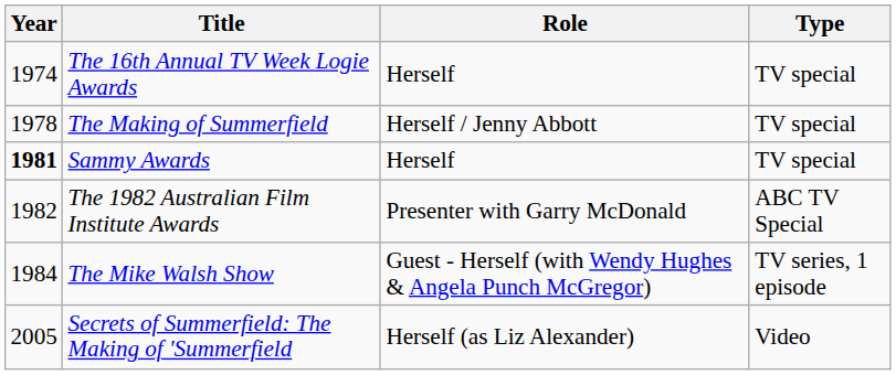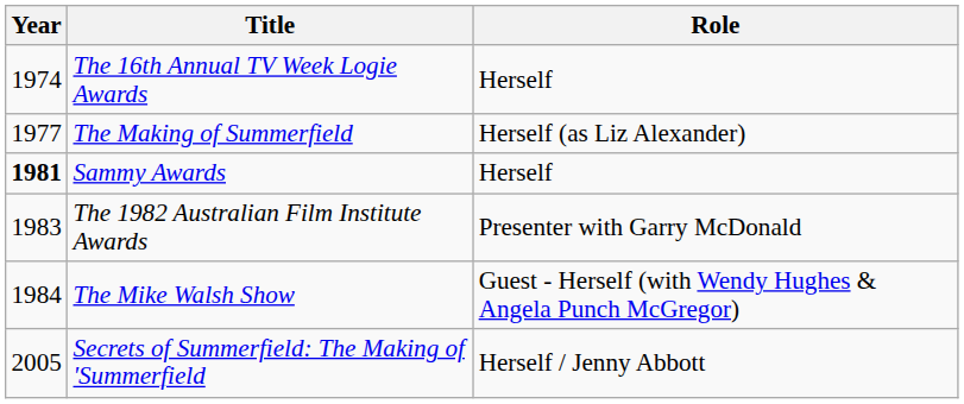 <table class="wikitable">
 <tr>
 <th>Year</th>
 <th>Title</th>
 <th>Role</th>
-<th>Type</th>
 </tr>
 <tr>
 <td>1974</td>
 <td><em><a href='#'>The 16th Annual TV Week Logie Awards</a></em></td>
 <td>Herself</td>
-<td>TV special</td>
 </tr>
 <tr>
-<td>1978</td>
+<td>1977</td>
 <td><em><a href='#'>The Making of Summerfield</a></em></td>
-<td>Herself / Jenny Abbott</td>
-<td>TV special</td>
+<td>Herself (as Liz Alexander)</td>
 </tr>
 <tr>
 <td><strong>1981</strong></td>
 <td><em><a href='#'>Sammy Awards</a></em></td>
 <td>Herself</td>
-<td>TV special</td>
 </tr>
 <tr>
-<td>1982</td>
+<td>1983</td>
 <td><em>The 1982 Australian Film Institute Awards</em></td>
 <td>Presenter with Garry McDonald</td>
-<td>ABC TV Special</td>
 </tr>
 <tr>
 <td>1984</td>
 <td><em><a href='#'>The Mike Walsh Show</a></em></td>
 <td>Guest - Herself (with <a href='#'>Wendy Hughes</a> & <a href='#'>Angela Punch McGregor</a>)</td>
-<td>TV series, 1 episode</td>
 </tr>
 <tr>
 <td>2005</td>
 <td><em><a href='#'>Secrets of Summerfield: The Making of 'Summerfield</a></em></td>
-<td>Herself (as Liz Alexander)</td>
-<td>Video</td>
+<td>Herself / Jenny Abbott</td>
 </tr>
 </table>
